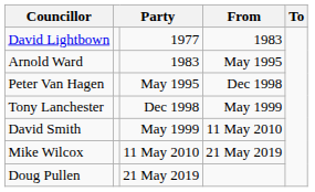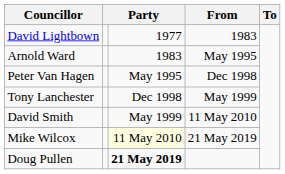 <table class=wikitable>
 <tr>
 <th>Councillor</th>
 <th colspan=2>Party</th>
 <th>From</th>
 <th>To</th>
 </tr>
 <tr>
 <td><a href='#'>David Lightbown</a></td>
 <td></td>
 <td align=right>1977</td>
 <td align=right>1983</td>
 </tr>
 <tr>
 <td>Arnold Ward</td>
 <td></td>
 <td align=right>1983</td>
 <td align=right>May 1995</td>
 </tr>
 <tr>
 <td>Peter Van Hagen</td>
 <td></td>
 <td align=right>May 1995</td>
 <td align=right>Dec 1998</td>
 </tr>
 <tr>
 <td>Tony Lanchester</td>
 <td></td>
 <td align=right>Dec 1998</td>
 <td align=right>May 1999</td>
 </tr>
 <tr>
 <td>David Smith</td>
 <td></td>
 <td align=right>May 1999</td>
 <td align=right>11 May 2010</td>
 </tr>
 <tr>
 <td>Mike Wilcox</td>
 <td></td>
-<td align=right>11 May 2010</td>
+<td align=right style="background: lightyellow;">11 May 2010</td>
 <td align=right>21 May 2019</td>
 </tr>
 <tr>
 <td>Doug Pullen</td>
 <td></td>
-<td align=right>21 May 2019</td>
+<td align=right><strong>21 May 2019</strong></td>
 <td align=right></td>
 </tr>
 </table>
